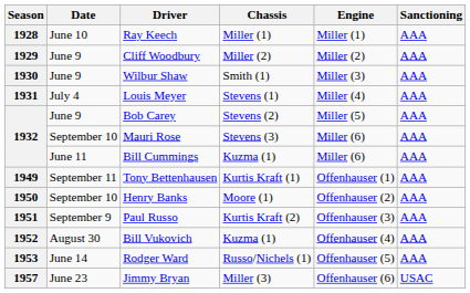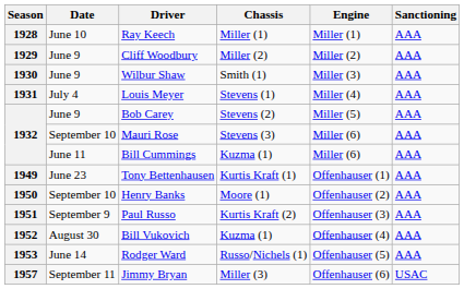 <table class="wikitable" style="font-size: 95%;">
 <tr>
 <th>Season</th>
 <th>Date</th>
 <th>Driver</th>
 <th>Chassis</th>
 <th>Engine</th>
 <th>Sanctioning</th>
 </tr>
 <tr>
 <th>1928</th>
 <td>June 10</td>
 <td> <a href='#'>Ray Keech</a></td>
 <td><a href='#'>Miller</a> (1)</td>
 <td><a href='#'>Miller</a> (1)</td>
 <td><a href='#'>AAA</a></td>
 </tr>
 <tr>
 <th>1929</th>
 <td>June 9</td>
 <td> <a href='#'>Cliff Woodbury</a></td>
 <td><a href='#'>Miller</a> (2)</td>
 <td><a href='#'>Miller</a> (2)</td>
 <td><a href='#'>AAA</a></td>
 </tr>
 <tr>
 <th>1930</th>
 <td>June 9</td>
 <td> <a href='#'>Wilbur Shaw</a></td>
 <td>Smith (1)</td>
 <td><a href='#'>Miller</a> (3)</td>
 <td><a href='#'>AAA</a></td>
 </tr>
 <tr>
 <th>1931</th>
 <td>July 4</td>
 <td> <a href='#'>Louis Meyer</a></td>
 <td><a href='#'>Stevens</a> (1)</td>
 <td><a href='#'>Miller</a> (4)</td>
 <td><a href='#'>AAA</a></td>
 </tr>
 <tr>
 <th rowspan=3>1932</th>
 <td>June 9</td>
 <td> <a href='#'>Bob Carey</a></td>
 <td><a href='#'>Stevens</a> (2)</td>
 <td><a href='#'>Miller</a> (5)</td>
 <td><a href='#'>AAA</a></td>
 </tr>
 <tr>
 <td>September 10</td>
 <td> <a href='#'>Mauri Rose</a></td>
 <td><a href='#'>Stevens</a> (3)</td>
 <td><a href='#'>Miller</a> (6)</td>
 <td><a href='#'>AAA</a></td>
 </tr>
 <tr>
 <td>June 11</td>
 <td> <a href='#'>Bill Cummings</a></td>
 <td><a href='#'>Kuzma</a> (1)</td>
 <td><a href='#'>Miller</a> (6)</td>
 <td><a href='#'>AAA</a></td>
 </tr>
 <tr>
 <th>1949</th>
-<td>September 11</td>
+<td>June 23</td>
 <td> <a href='#'>Tony Bettenhausen</a></td>
 <td><a href='#'>Kurtis Kraft</a> (1)</td>
 <td><a href='#'>Offenhauser</a> (1)</td>
 <td><a href='#'>AAA</a></td>
 </tr>
 <tr>
 <th>1950</th>
 <td>September 10</td>
 <td> <a href='#'>Henry Banks</a></td>
 <td><a href='#'>Moore</a> (1)</td>
 <td><a href='#'>Offenhauser</a> (2)</td>
 <td><a href='#'>AAA</a></td>
 </tr>
 <tr>
 <th>1951</th>
 <td>September 9</td>
 <td> <a href='#'>Paul Russo</a></td>
 <td><a href='#'>Kurtis Kraft</a> (2)</td>
 <td><a href='#'>Offenhauser</a> (3)</td>
 <td><a href='#'>AAA</a></td>
 </tr>
 <tr>
 <th>1952</th>
 <td>August 30</td>
 <td> <a href='#'>Bill Vukovich</a></td>
 <td><a href='#'>Kuzma</a> (1)</td>
 <td><a href='#'>Offenhauser</a> (4)</td>
 <td><a href='#'>AAA</a></td>
 </tr>
 <tr>
 <th>1953</th>
 <td>June 14</td>
 <td> <a href='#'>Rodger Ward</a></td>
 <td><a href='#'>Russo</a>/<a href='#'>Nichels</a> (1)</td>
 <td><a href='#'>Offenhauser</a> (5)</td>
 <td><a href='#'>AAA</a></td>
 </tr>
 <tr>
 <th>1957</th>
-<td>June 23</td>
+<td>September 11</td>
 <td> <a href='#'>Jimmy Bryan</a></td>
 <td><a href='#'>Miller</a> (3)</td>
 <td><a href='#'>Offenhauser</a> (6)</td>
 <td><a href='#'>USAC</a></td>
 </tr>
 </table>
